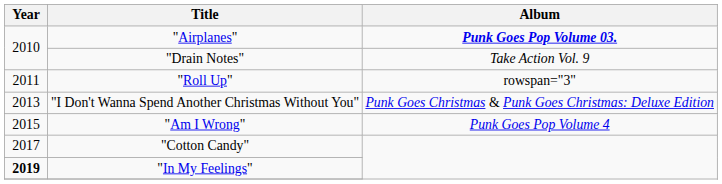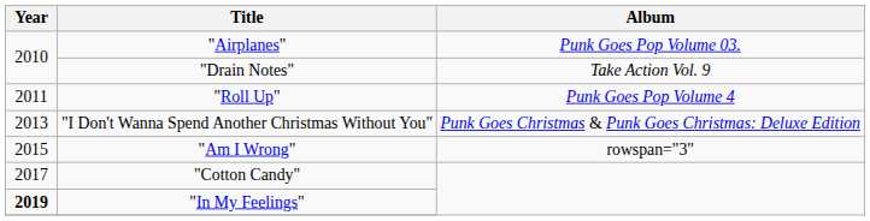 <table class="wikitable" style="text-align:center;">
 <tr>
 <th rowspan="1" width="43">Year</th>
 <th rowspan="1">Title</th>
 <th rowspan="1">Album</th>
 </tr>
 <tr>
 <td rowspan="2">2010</td>
 <td>"<a href='#'>Airplanes</a>"<br></td>
-<td><strong><em><a href='#'>Punk Goes Pop Volume 03.</a></em></strong></td>
+<td><em><a href='#'>Punk Goes Pop Volume 03.</a></em></td>
 </tr>
 <tr>
 <td>"Drain Notes"</td>
 <td><em>Take Action Vol. 9</em></td>
 </tr>
 <tr>
 <td>2011</td>
 <td>"<a href='#'>Roll Up</a>"<br></td>
-<td>rowspan="3" </td>
+<td><em><a href='#'>Punk Goes Pop Volume 4</a></em></td>
 </tr>
 <tr>
 <td>2013</td>
 <td>"I Don't Wanna Spend Another Christmas Without You"</td>
 <td><em><a href='#'>Punk Goes Christmas</a></em> & <em><a href='#'>Punk Goes Christmas: Deluxe Edition</a></em></td>
 </tr>
 <tr>
 <td>2015</td>
 <td>"<a href='#'>Am I Wrong</a>"<br></td>
-<td><em><a href='#'>Punk Goes Pop Volume 4</a></em></td>
+<td>rowspan="3" </td>
 </tr>
 <tr>
 <td>2017</td>
 <td>"Cotton Candy"<br></td>
 </tr>
 <tr>
 <td><strong>2019</strong></td>
 <td>"<a href='#'>In My Feelings</a>"<br></td>
 </tr>
 <tr>
 </tr>
 </table>
